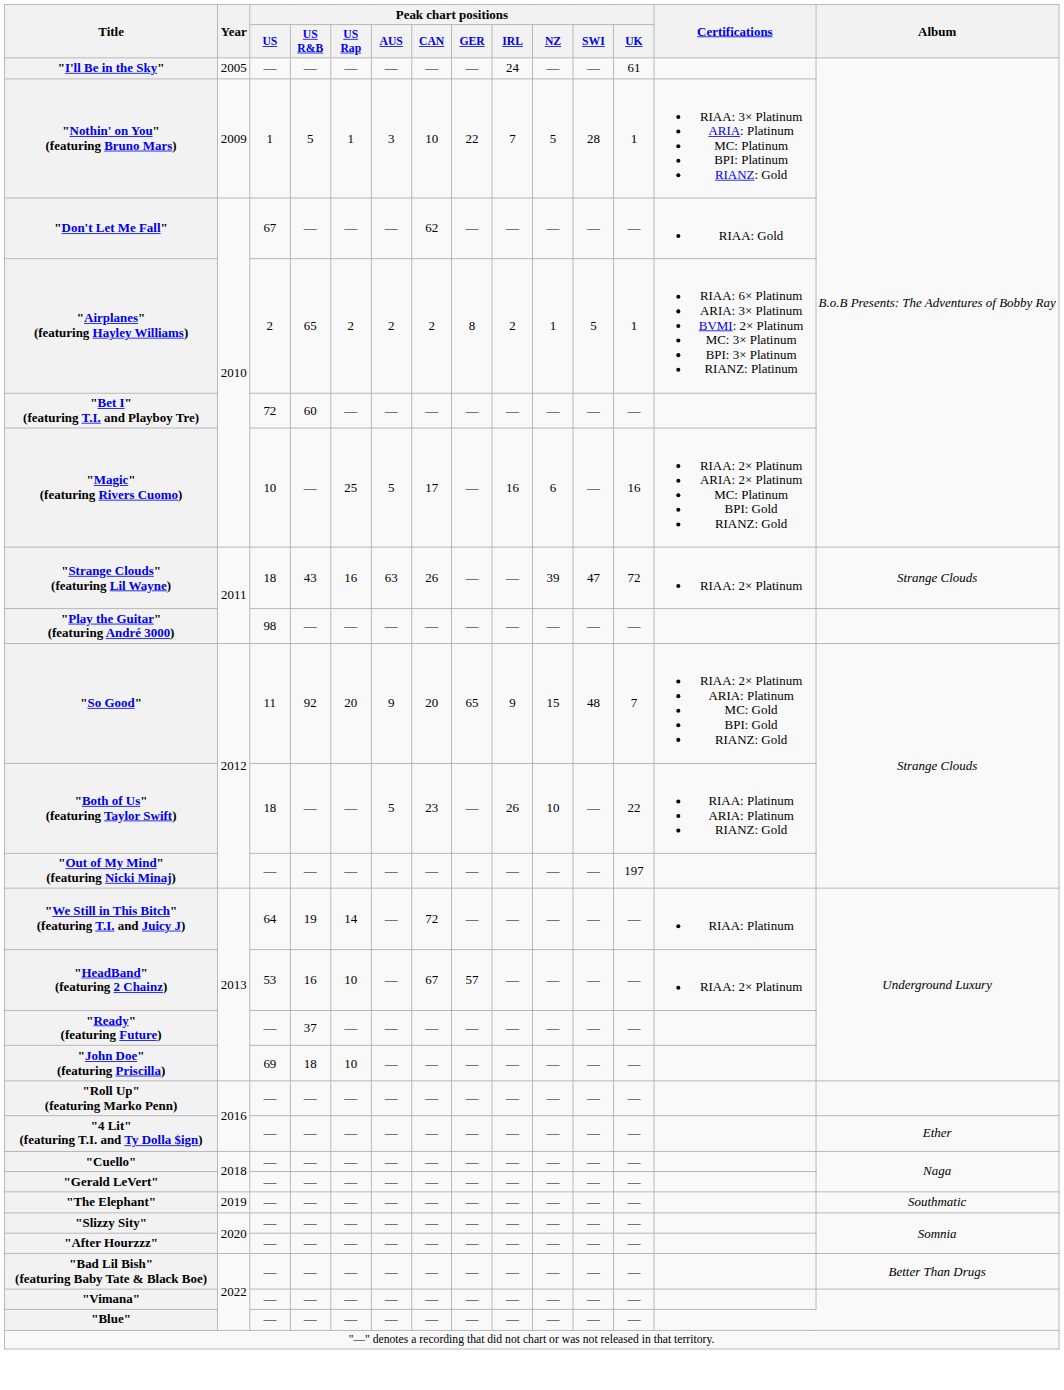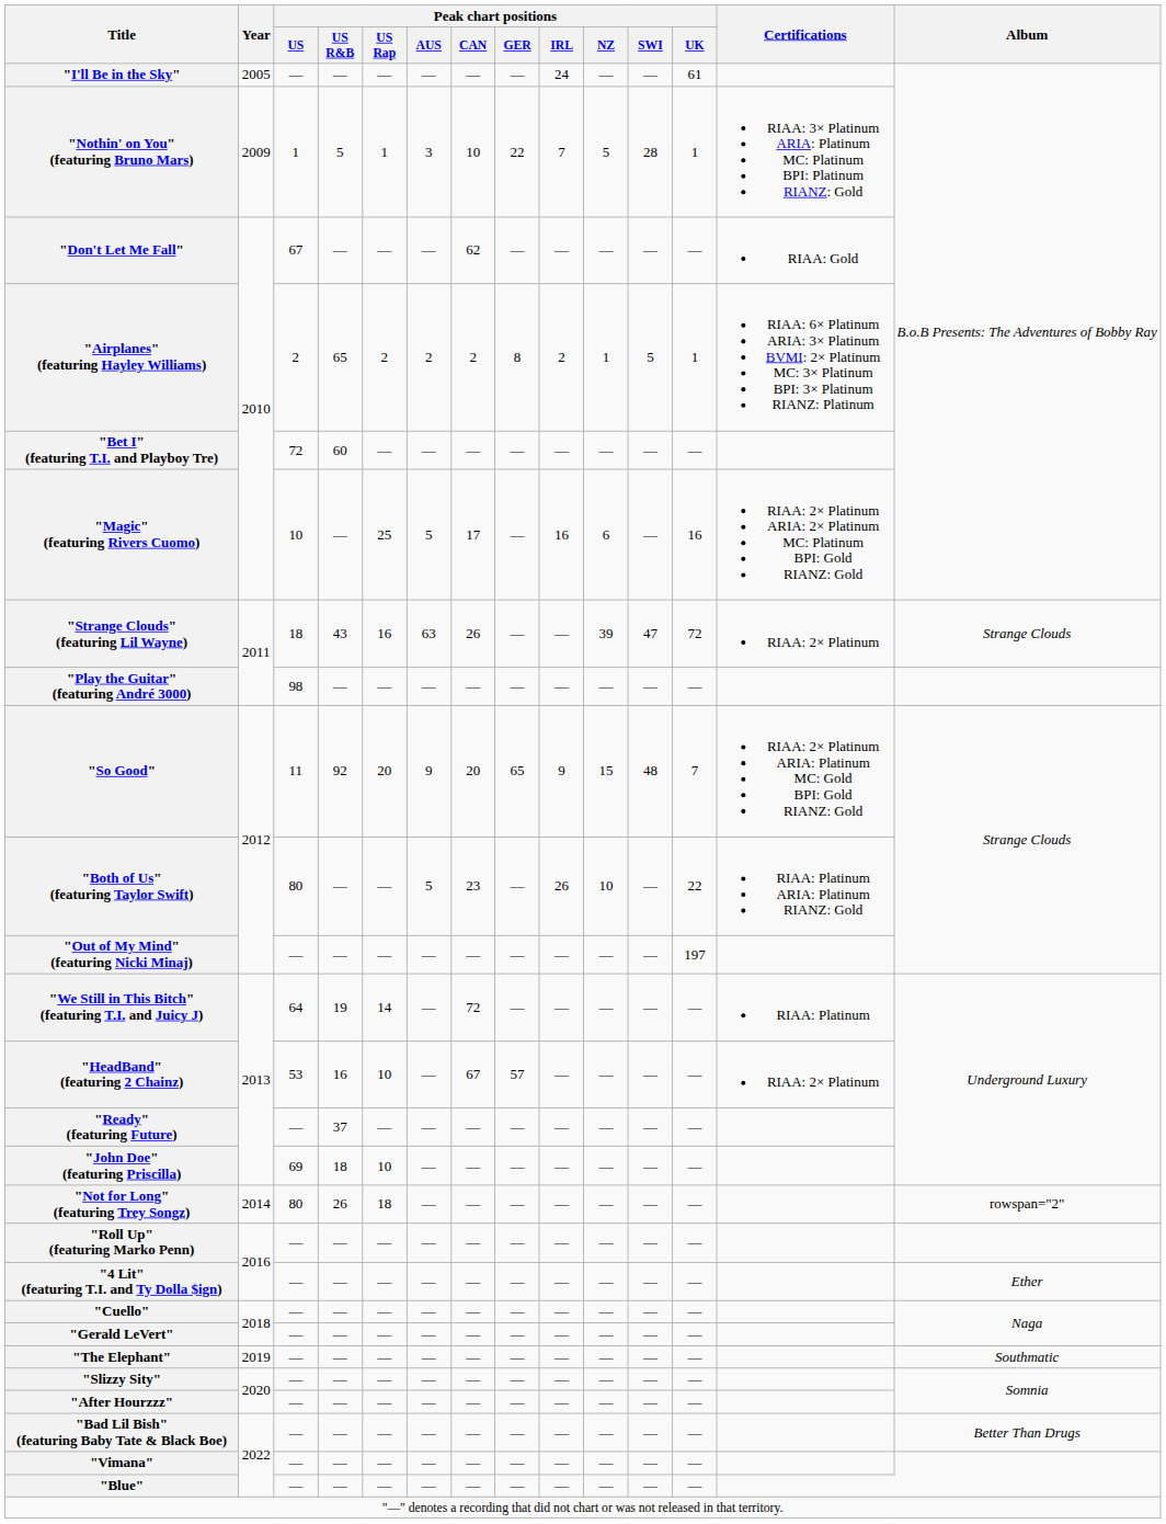 <table class="wikitable plainrowheaders" style="text-align:center;">
 <tr>
 <th scope="col" rowspan="2" style="width:16em;">Title</th>
 <th scope="col" rowspan="2">Year</th>
 <th scope="col" colspan="10">Peak chart positions</th>
 <th scope="col" rowspan="2" style="width:12em;"><a href='#'>Certifications</a></th>
 <th scope="col" rowspan="2">Album</th>
 </tr>
 <tr>
 <th scope="col" style="width:3em;font-size:90%;"><a href='#'>US</a><br></th>
 <th scope="col" style="width:3em;font-size:90%;"><a href='#'>US R&B</a><br></th>
 <th scope="col" style="width:3em;font-size:90%;"><a href='#'>US<br>Rap</a><br></th>
 <th scope="col" style="width:3em;font-size:90%;"><a href='#'>AUS</a><br></th>
 <th scope="col" style="width:3em;font-size:90%;"><a href='#'>CAN</a><br></th>
 <th scope="col" style="width:3em;font-size:90%;"><a href='#'>GER</a><br></th>
 <th scope="col" style="width:3em;font-size:90%;"><a href='#'>IRL</a><br></th>
 <th scope="col" style="width:3em;font-size:90%;"><a href='#'>NZ</a><br></th>
 <th scope="col" style="width:3em;font-size:90%;"><a href='#'>SWI</a><br></th>
 <th scope="col" style="width:3em;font-size:90%;"><a href='#'>UK</a><br></th>
 </tr>
 <tr>
 <th scope="row">"<a href='#'>I'll Be in the Sky</a>"</th>
 <td>2005</td>
 <td>—</td>
 <td>—</td>
 <td>—</td>
 <td>—</td>
 <td>—</td>
 <td>—</td>
 <td>24</td>
 <td>—</td>
 <td>—</td>
 <td>61</td>
 <td></td>
 <td rowspan="6"><em>B.o.B Presents: The Adventures of Bobby Ray</em></td>
 </tr>
 <tr>
 <th scope="row">"<a href='#'>Nothin' on You</a>" <br><span>(featuring <a href='#'>Bruno Mars</a>)</span></th>
 <td>2009</td>
 <td>1</td>
 <td>5</td>
 <td>1</td>
 <td>3</td>
 <td>10</td>
 <td>22</td>
 <td>7</td>
 <td>5</td>
 <td>28</td>
 <td>1</td>
 <td><br><ul><li>RIAA: 3× Platinum</li><li><a href='#'>ARIA</a>: Platinum</li><li>MC: Platinum</li><li>BPI: Platinum</li><li><a href='#'>RIANZ</a>: Gold</li></ul></td>
 </tr>
 <tr>
 <th scope="row">"<a href='#'>Don't Let Me Fall</a>"</th>
 <td rowspan="4">2010</td>
 <td>67</td>
 <td>—</td>
 <td>—</td>
 <td>—</td>
 <td>62</td>
 <td>—</td>
 <td>—</td>
 <td>—</td>
 <td>—</td>
 <td>—</td>
 <td><br><ul><li>RIAA: Gold</li></ul></td>
 </tr>
 <tr>
 <th scope="row">"<a href='#'>Airplanes</a>" <br><span>(featuring <a href='#'>Hayley Williams</a>)</span></th>
 <td>2</td>
 <td>65</td>
 <td>2</td>
 <td>2</td>
 <td>2</td>
 <td>8</td>
 <td>2</td>
 <td>1</td>
 <td>5</td>
 <td>1</td>
 <td><br><ul><li>RIAA: 6× Platinum</li><li>ARIA: 3× Platinum</li><li><a href='#'>BVMI</a>: 2× Platinum</li><li>MC: 3× Platinum</li><li>BPI: 3× Platinum</li><li>RIANZ: Platinum</li></ul></td>
 </tr>
 <tr>
 <th scope="row">"<a href='#'>Bet I</a>" <br><span>(featuring <a href='#'>T.I.</a> and Playboy Tre)</span></th>
 <td>72</td>
 <td>60</td>
 <td>—</td>
 <td>—</td>
 <td>—</td>
 <td>—</td>
 <td>—</td>
 <td>—</td>
 <td>—</td>
 <td>—</td>
 <td></td>
 </tr>
 <tr>
 <th scope="row">"<a href='#'>Magic</a>" <br><span>(featuring <a href='#'>Rivers Cuomo</a>)</span></th>
 <td>10</td>
 <td>—</td>
 <td>25</td>
 <td>5</td>
 <td>17</td>
 <td>—</td>
 <td>16</td>
 <td>6</td>
 <td>—</td>
 <td>16</td>
 <td><br><ul><li>RIAA: 2× Platinum</li><li>ARIA: 2× Platinum</li><li>MC: Platinum</li><li>BPI: Gold</li><li>RIANZ: Gold</li></ul></td>
 </tr>
 <tr>
 <th scope="row">"<a href='#'>Strange Clouds</a>" <br><span>(featuring <a href='#'>Lil Wayne</a>)</span></th>
 <td rowspan="2">2011</td>
 <td>18</td>
 <td>43</td>
 <td>16</td>
 <td>63</td>
 <td>26</td>
 <td>—</td>
 <td>—</td>
 <td>39</td>
 <td>47</td>
 <td>72</td>
 <td><br><ul><li>RIAA: 2× Platinum</li></ul></td>
 <td><em>Strange Clouds</em></td>
 </tr>
 <tr>
 <th scope="row">"<a href='#'>Play the Guitar</a>"<br><span>(featuring <a href='#'>André 3000</a>)</span></th>
 <td>98</td>
 <td>—</td>
 <td>—</td>
 <td>—</td>
 <td>—</td>
 <td>—</td>
 <td>—</td>
 <td>—</td>
 <td>—</td>
 <td>—</td>
 <td></td>
 <td></td>
 </tr>
 <tr>
 <th scope="row">"<a href='#'>So Good</a>"</th>
 <td rowspan="3">2012</td>
 <td>11</td>
 <td>92</td>
 <td>20</td>
 <td>9</td>
 <td>20</td>
 <td>65</td>
 <td>9</td>
 <td>15</td>
 <td>48</td>
 <td>7</td>
 <td><br><ul><li>RIAA: 2× Platinum</li><li>ARIA: Platinum</li><li>MC: Gold</li><li>BPI: Gold</li><li>RIANZ: Gold</li></ul></td>
 <td rowspan="3"><em>Strange Clouds</em></td>
 </tr>
 <tr>
 <th scope="row">"<a href='#'>Both of Us</a>"<br><span>(featuring <a href='#'>Taylor Swift</a>)</span></th>
-<td>18</td>
+<td>80</td>
 <td>—</td>
 <td>—</td>
 <td>5</td>
 <td>23</td>
 <td>—</td>
 <td>26</td>
 <td>10</td>
 <td>—</td>
 <td>22</td>
 <td><br><ul><li>RIAA: Platinum</li><li>ARIA: Platinum</li><li>RIANZ: Gold</li></ul></td>
 </tr>
 <tr>
 <th scope="row">"<a href='#'>Out of My Mind</a>"<br><span>(featuring <a href='#'>Nicki Minaj</a>)</span></th>
 <td>—</td>
 <td>—</td>
 <td>—</td>
 <td>—</td>
 <td>—</td>
 <td>—</td>
 <td>—</td>
 <td>—</td>
 <td>—</td>
 <td>197</td>
 <td></td>
 </tr>
 <tr>
 <th scope="row">"<a href='#'>We Still in This Bitch</a>"<br><span>(featuring <a href='#'>T.I.</a> and <a href='#'>Juicy J</a>)</span></th>
 <td rowspan="4">2013</td>
 <td>64</td>
 <td>19</td>
 <td>14</td>
 <td>—</td>
 <td>72</td>
 <td>—</td>
 <td>—</td>
 <td>—</td>
 <td>—</td>
 <td>—</td>
 <td><br><ul><li>RIAA: Platinum</li></ul></td>
 <td rowspan="4"><em>Underground Luxury</em></td>
 </tr>
 <tr>
 <th scope="row">"<a href='#'>HeadBand</a>"<br><span>(featuring <a href='#'>2 Chainz</a>)</span></th>
 <td>53</td>
 <td>16</td>
 <td>10</td>
 <td>—</td>
 <td>67</td>
 <td>57</td>
 <td>—</td>
 <td>—</td>
 <td>—</td>
 <td>—</td>
 <td><br><ul><li>RIAA: 2× Platinum</li></ul></td>
 </tr>
 <tr>
 <th scope="row">"<a href='#'>Ready</a>"<br><span>(featuring <a href='#'>Future</a>)</span></th>
 <td>—</td>
 <td>37</td>
 <td>—</td>
 <td>—</td>
 <td>—</td>
 <td>—</td>
 <td>—</td>
 <td>—</td>
 <td>—</td>
 <td>—</td>
 <td></td>
 </tr>
 <tr>
 <th scope="row">"<a href='#'>John Doe</a>"<br><span>(featuring <a href='#'>Priscilla</a>)</span></th>
 <td>69</td>
 <td>18</td>
 <td>10</td>
 <td>—</td>
 <td>—</td>
 <td>—</td>
 <td>—</td>
 <td>—</td>
 <td>—</td>
 <td>—</td>
 <td></td>
+</tr>
+<tr>
+<th scope="row">"<a href='#'>Not for Long</a>"<br><span>(featuring <a href='#'>Trey Songz</a>)</span></th>
+<td>2014</td>
+<td>80</td>
+<td>26</td>
+<td>18</td>
+<td>—</td>
+<td>—</td>
+<td>—</td>
+<td>—</td>
+<td>—</td>
+<td>—</td>
+<td>—</td>
+<td></td>
+<td>rowspan="2" </td>
 </tr>
 <tr>
 <th scope="row">"Roll Up"<br><span>(featuring Marko Penn)</span></th>
 <td rowspan="2">2016</td>
 <td>—</td>
 <td>—</td>
 <td>—</td>
 <td>—</td>
 <td>—</td>
 <td>—</td>
 <td>—</td>
 <td>—</td>
 <td>—</td>
 <td>—</td>
 <td></td>
 </tr>
 <tr>
 <th scope="row">"4 Lit"<br><span>(featuring T.I. and <a href='#'>Ty Dolla $ign</a>)</span></th>
 <td>—</td>
 <td>—</td>
 <td>—</td>
 <td>—</td>
 <td>—</td>
 <td>—</td>
 <td>—</td>
 <td>—</td>
 <td>—</td>
 <td>—</td>
 <td></td>
 <td><em>Ether</em></td>
 </tr>
 <tr>
 <th scope="row">"Cuello"</th>
 <td rowspan="2">2018</td>
 <td>—</td>
 <td>—</td>
 <td>—</td>
 <td>—</td>
 <td>—</td>
 <td>—</td>
 <td>—</td>
 <td>—</td>
 <td>—</td>
 <td>—</td>
 <td></td>
 <td rowspan="2"><em>Naga</em></td>
 </tr>
 <tr>
 <th scope="row">"Gerald LeVert"</th>
 <td>—</td>
 <td>—</td>
 <td>—</td>
 <td>—</td>
 <td>—</td>
 <td>—</td>
 <td>—</td>
 <td>—</td>
 <td>—</td>
 <td>—</td>
 <td></td>
 </tr>
 <tr>
 <th scope="row">"The Elephant"</th>
 <td>2019</td>
 <td>—</td>
 <td>—</td>
 <td>—</td>
 <td>—</td>
 <td>—</td>
 <td>—</td>
 <td>—</td>
 <td>—</td>
 <td>—</td>
 <td>—</td>
 <td></td>
 <td><em>Southmatic</em></td>
 </tr>
 <tr>
 <th scope="row">"Slizzy Sity"</th>
 <td rowspan="2">2020</td>
 <td>—</td>
 <td>—</td>
 <td>—</td>
 <td>—</td>
 <td>—</td>
 <td>—</td>
 <td>—</td>
 <td>—</td>
 <td>—</td>
 <td>—</td>
 <td></td>
 <td rowspan="2"><em>Somnia</em></td>
 </tr>
 <tr>
 <th scope="row">"After Hourzzz"</th>
 <td>—</td>
 <td>—</td>
 <td>—</td>
 <td>—</td>
 <td>—</td>
 <td>—</td>
 <td>—</td>
 <td>—</td>
 <td>—</td>
 <td>—</td>
 <td></td>
 </tr>
 <tr>
 <th scope="row">"Bad Lil Bish"<br><span>(featuring Baby Tate & Black Boe)</span></th>
 <td rowspan="3">2022</td>
 <td>—</td>
 <td>—</td>
 <td>—</td>
 <td>—</td>
 <td>—</td>
 <td>—</td>
 <td>—</td>
 <td>—</td>
 <td>—</td>
 <td>—</td>
 <td></td>
 <td rowspan="1"><em>Better Than Drugs</em></td>
 </tr>
 <tr>
 <th scope="row">"Vimana"</th>
 <td>—</td>
 <td>—</td>
 <td>—</td>
 <td>—</td>
 <td>—</td>
 <td>—</td>
 <td>—</td>
 <td>—</td>
 <td>—</td>
 <td>—</td>
 <td></td>
 </tr>
 <tr>
 <th scope="row">"Blue" <br><span></span></th>
 <td>—</td>
 <td>—</td>
 <td>—</td>
 <td>—</td>
 <td>—</td>
 <td>—</td>
 <td>—</td>
 <td>—</td>
 <td>—</td>
 <td>—</td>
 </tr>
 <tr>
 <td colspan="14" style="font-size:90%">"—" denotes a recording that did not chart or was not released in that territory.</td>
 </tr>
 </table>
